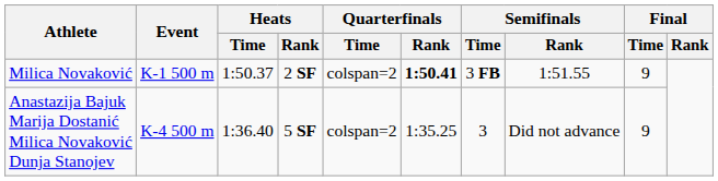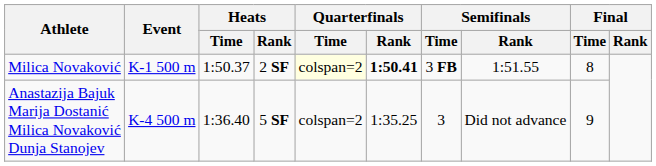 <table class=wikitable style="font-size:90%">
 <tr>
 <th rowspan="2">Athlete</th>
 <th rowspan="2">Event</th>
 <th colspan=2>Heats</th>
 <th colspan=2>Quarterfinals</th>
 <th colspan=2>Semifinals</th>
 <th colspan=2>Final</th>
 </tr>
 <tr style="font-size:95%">
 <th>Time</th>
 <th>Rank</th>
 <th>Time</th>
 <th>Rank</th>
 <th>Time</th>
 <th>Rank</th>
 <th>Time</th>
 <th>Rank</th>
 </tr>
 <tr align="center">
 <td align="left"><a href='#'>Milica Novaković</a></td>
 <td align="left"><a href='#'>K-1 500 m</a></td>
 <td>1:50.37</td>
 <td>2 <strong>SF</strong></td>
-<td>colspan=2 </td>
+<td style="background: lightyellow;">colspan=2 </td>
 <td><strong>1:50.41</strong></td>
 <td>3 <strong>FB</strong></td>
 <td>1:51.55</td>
-<td>9</td>
+<td>8</td>
 </tr>
 <tr align="center">
 <td align="left"><a href='#'>Anastazija Bajuk</a><br><a href='#'>Marija Dostanić</a><br><a href='#'>Milica Novaković</a><br><a href='#'>Dunja Stanojev</a></td>
 <td align="left"><a href='#'>K-4 500 m</a></td>
 <td>1:36.40</td>
 <td>5 <strong>SF</strong></td>
 <td>colspan=2 </td>
 <td>1:35.25</td>
 <td>3</td>
 <td>Did not advance</td>
 <td>9</td>
 </tr>
 </table>
